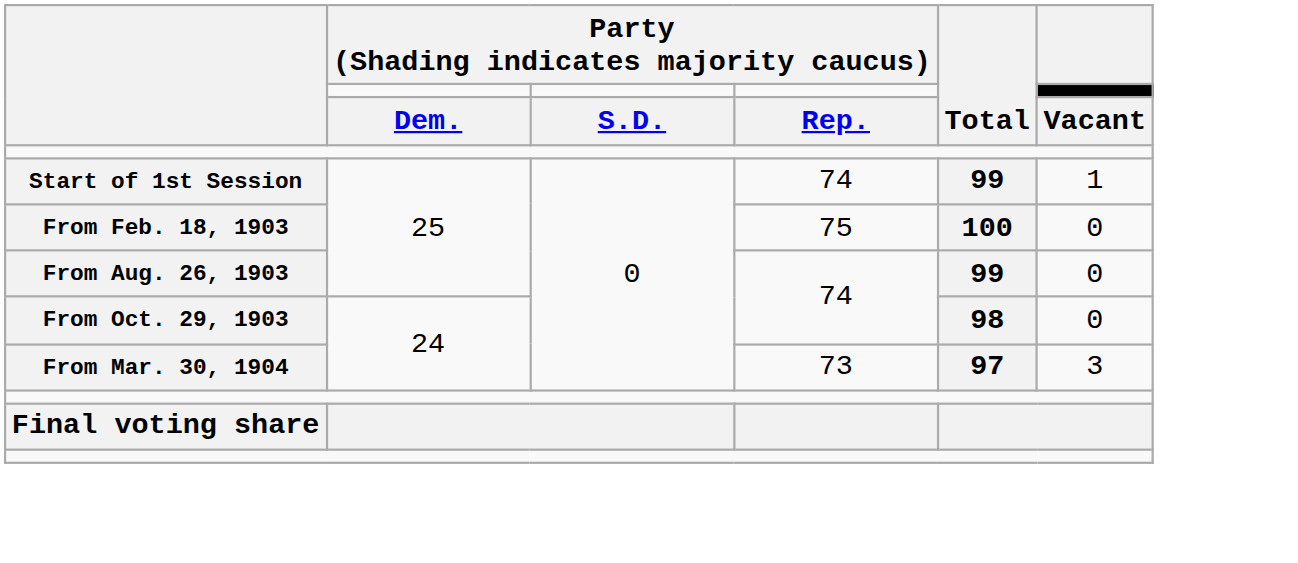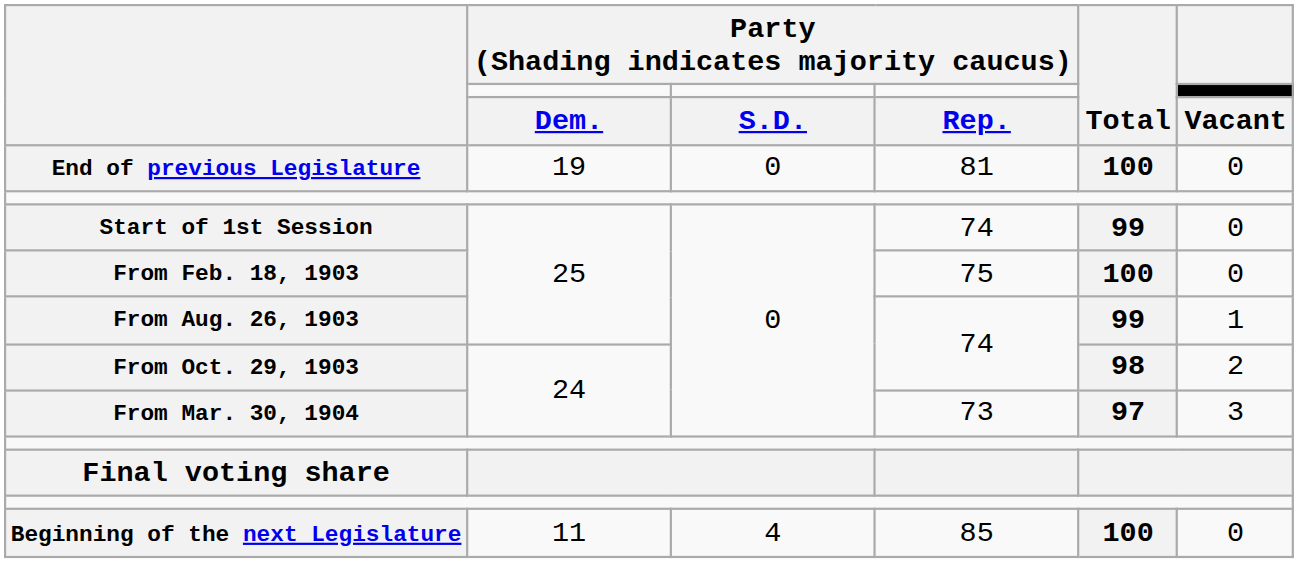 <table class=wikitable style="text-align:center">
 <tr style="vertical-align:bottom;">
 <th rowspan=3></th>
 <th colspan=3>Party <div>(Shading indicates majority caucus)</div></th>
 <th rowspan=3>Total</th>
 <th></th>
 </tr>
 <tr style="height:5px">
 <td style="background-color:"></td>
 <td style="background-color:"></td>
 <td style="background-color:"></td>
 <td style="background:black;"></td>
 </tr>
 <tr>
 <th><a href='#'>Dem.</a></th>
 <th><a href='#'>S.D.</a></th>
 <th><a href='#'>Rep.</a></th>
 <th>Vacant</th>
 </tr>
 <tr>
+<th style="font-size:80%;">End of <a href='#'>previous Legislature</a></th>
+<td>19</td>
+<td>0</td>
+<td>81</td>
+<th>100</th>
+<td>0</td>
+</tr>
+<tr>
 <td colspan=6></td>
 </tr>
 <tr>
 <th style="font-size:80%;">Start of 1st Session</th>
 <td rowspan="3">25</td>
 <td rowspan="5">0</td>
 <td>74</td>
 <th>99</th>
-<td>1</td>
+<td>0</td>
 </tr>
 <tr>
 <th style="font-size:80%;">From Feb. 18, 1903</th>
 <td>75</td>
 <th>100</th>
 <td>0</td>
 </tr>
 <tr>
 <th style="font-size:80%;">From Aug. 26, 1903</th>
 <td rowspan="2" >74</td>
 <th>99</th>
-<td>0</td>
+<td>1</td>
 </tr>
 <tr>
 <th style="font-size:80%;">From Oct. 29, 1903</th>
 <td rowspan="2">24</td>
 <th>98</th>
-<td>0</td>
+<td>2</td>
 </tr>
 <tr>
 <th style="font-size:80%;">From Mar. 30, 1904</th>
 <td>73</td>
 <th>97</th>
 <td>3</td>
 </tr>
 <tr>
 <td colspan=6></td>
 </tr>
 <tr>
 <th>Final voting share</th>
 <th colspan=2></th>
 <th></th>
 <th colspan=2></th>
 </tr>
 <tr>
 <td colspan=6></td>
 </tr>
+<tr>
+<th style="font-size:80%;">Beginning of the <a href='#'>next Legislature</a></th>
+<td>11</td>
+<td>4</td>
+<td>85</td>
+<th>100</th>
+<td>0</td>
+</tr>
 </table>
